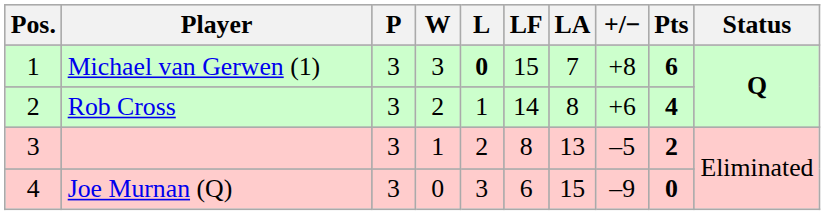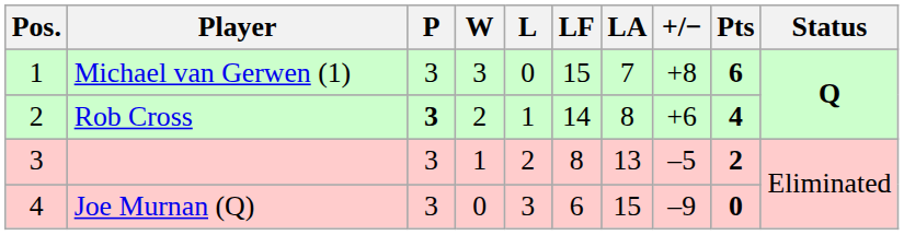 <table class="wikitable" style="text-align:center; margin: 1em auto 1em auto, align:left">
 <tr>
 <th width=20>Pos.</th>
 <th width=185>Player</th>
 <th width=20>P</th>
 <th width=20>W</th>
 <th width=20>L</th>
 <th width=20>LF</th>
 <th width=20>LA</th>
 <th width=25>+/−</th>
 <th width=20>Pts</th>
 <th width=70>Status</th>
 </tr>
 <tr style="background:#CCFFCC;">
 <td>1</td>
 <td align=left> <a href='#'>Michael van Gerwen</a> (1)</td>
 <td>3</td>
 <td>3</td>
-<td><strong>0</strong></td>
+<td>0</td>
 <td>15</td>
 <td>7</td>
 <td>+8</td>
 <td><strong>6</strong></td>
 <td rowspan=2><strong>Q</strong></td>
 </tr>
 <tr style="background:#CCFFCC;">
 <td>2</td>
 <td align=left> <a href='#'>Rob Cross</a></td>
-<td>3</td>
+<td><strong>3</strong></td>
 <td>2</td>
 <td>1</td>
 <td>14</td>
 <td>8</td>
 <td>+6</td>
 <td><strong>4</strong></td>
 </tr>
 <tr style="background:#FFCCCC;">
 <td>3</td>
 <td align=left></td>
 <td>3</td>
 <td>1</td>
 <td>2</td>
 <td>8</td>
 <td>13</td>
 <td>–5</td>
 <td><strong>2</strong></td>
 <td rowspan=2>Eliminated</td>
 </tr>
 <tr style="background:#FFCCCC;">
 <td>4</td>
 <td align=left> <a href='#'>Joe Murnan</a> (Q)</td>
 <td>3</td>
 <td>0</td>
 <td>3</td>
 <td>6</td>
 <td>15</td>
 <td>–9</td>
 <td><strong>0</strong></td>
 </tr>
 </table>
